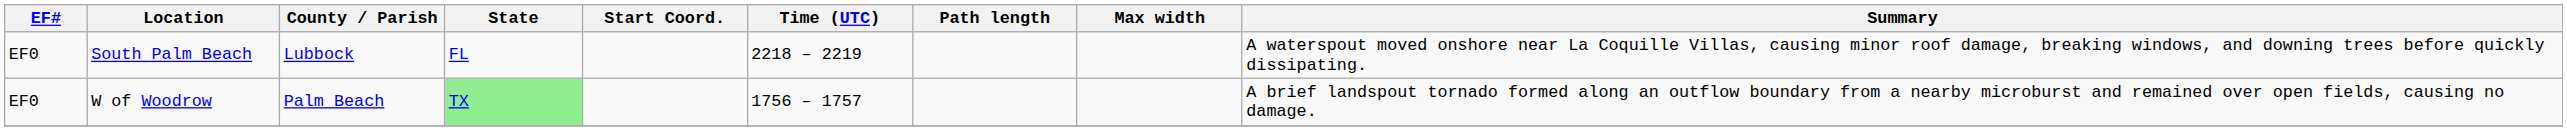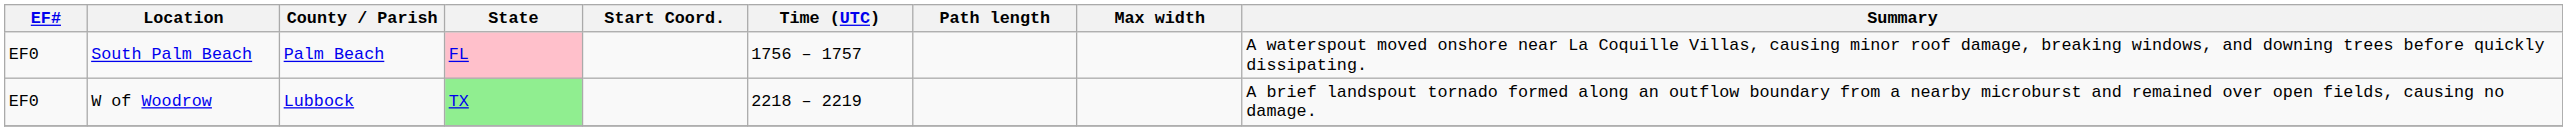 <table class="wikitable sortable" style="width:100%;">
 <tr>
 <th scope="col"  style="width:3%; text-align:center;"><a href='#'>EF#</a></th>
 <th scope="col"  style="width:7%; text-align:center;" class="unsortable">Location</th>
 <th scope="col"  style="width:6%; text-align:center;" class="unsortable">County / Parish</th>
 <th scope="col"  style="width:5%; text-align:center;">State</th>
 <th scope="col"  style="width:6%; text-align:center;">Start Coord.</th>
 <th scope="col"  style="width:6%; text-align:center;">Time (<a href='#'>UTC</a>)</th>
 <th scope="col"  style="width:6%; text-align:center;">Path length</th>
 <th scope="col"  style="width:6%; text-align:center;">Max width</th>
 <th scope="col" class="unsortable" style="width:48%; text-align:center;">Summary</th>
 </tr>
 <tr>
 <td>EF0</td>
 <td><a href='#'>South Palm Beach</a></td>
-<td><a href='#'>Lubbock</a></td>
-<td><a href='#'>FL</a></td>
+<td><a href='#'>Palm Beach</a></td>
+<td style="background: pink;"><a href='#'>FL</a></td>
 <td></td>
-<td>2218 – 2219</td>
+<td>1756 – 1757</td>
 <td></td>
 <td></td>
 <td>A waterspout moved onshore near La Coquille Villas, causing minor roof damage, breaking windows, and downing trees before quickly dissipating.</td>
 </tr>
 <tr>
 <td>EF0</td>
 <td>W of <a href='#'>Woodrow</a></td>
-<td><a href='#'>Palm Beach</a></td>
+<td><a href='#'>Lubbock</a></td>
 <td style="background: lightgreen;"><a href='#'>TX</a></td>
 <td></td>
-<td>1756 – 1757</td>
+<td>2218 – 2219</td>
 <td></td>
 <td></td>
 <td>A brief landspout tornado formed along an outflow boundary from a nearby microburst and remained over open fields, causing no damage.</td>
 </tr>
 <tr>
 </tr>
 </table>
